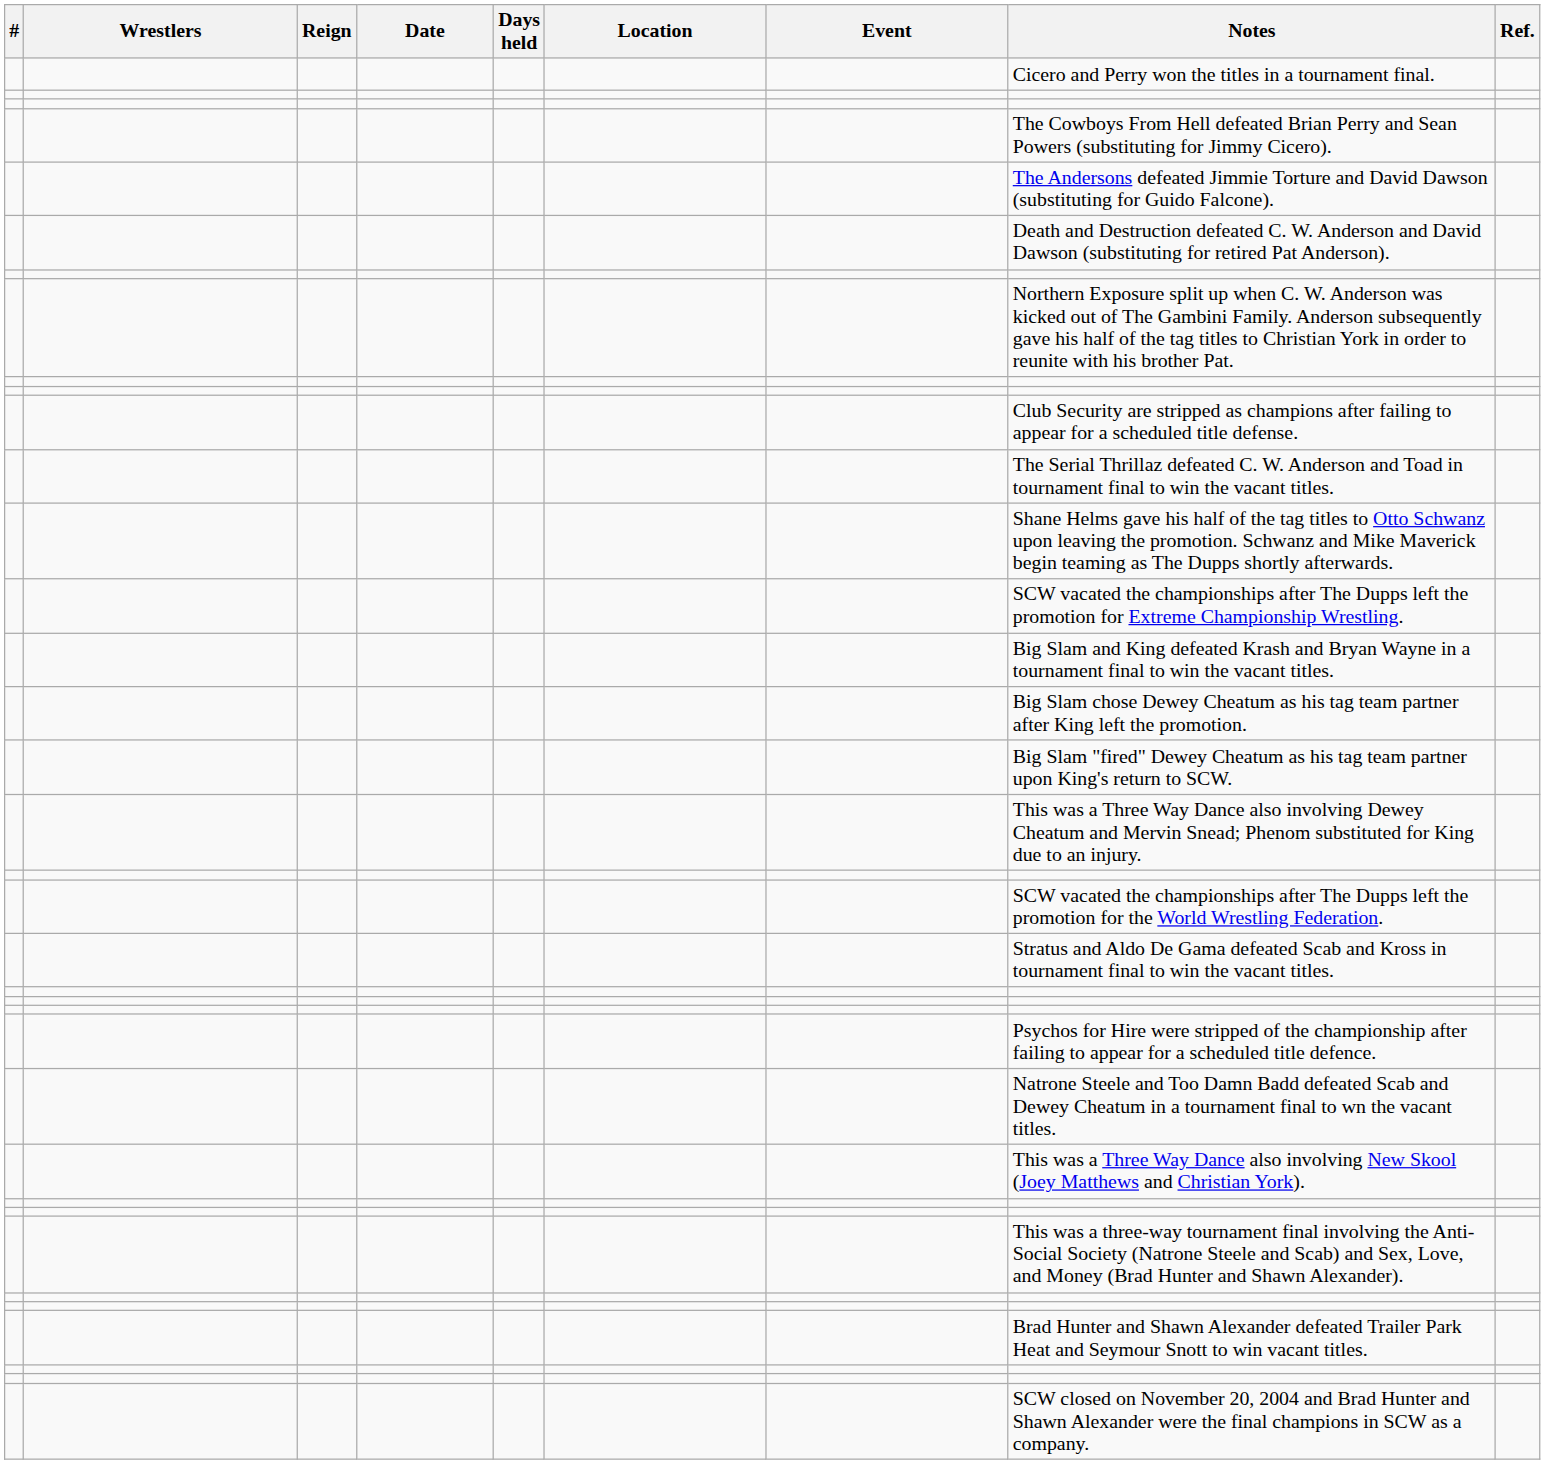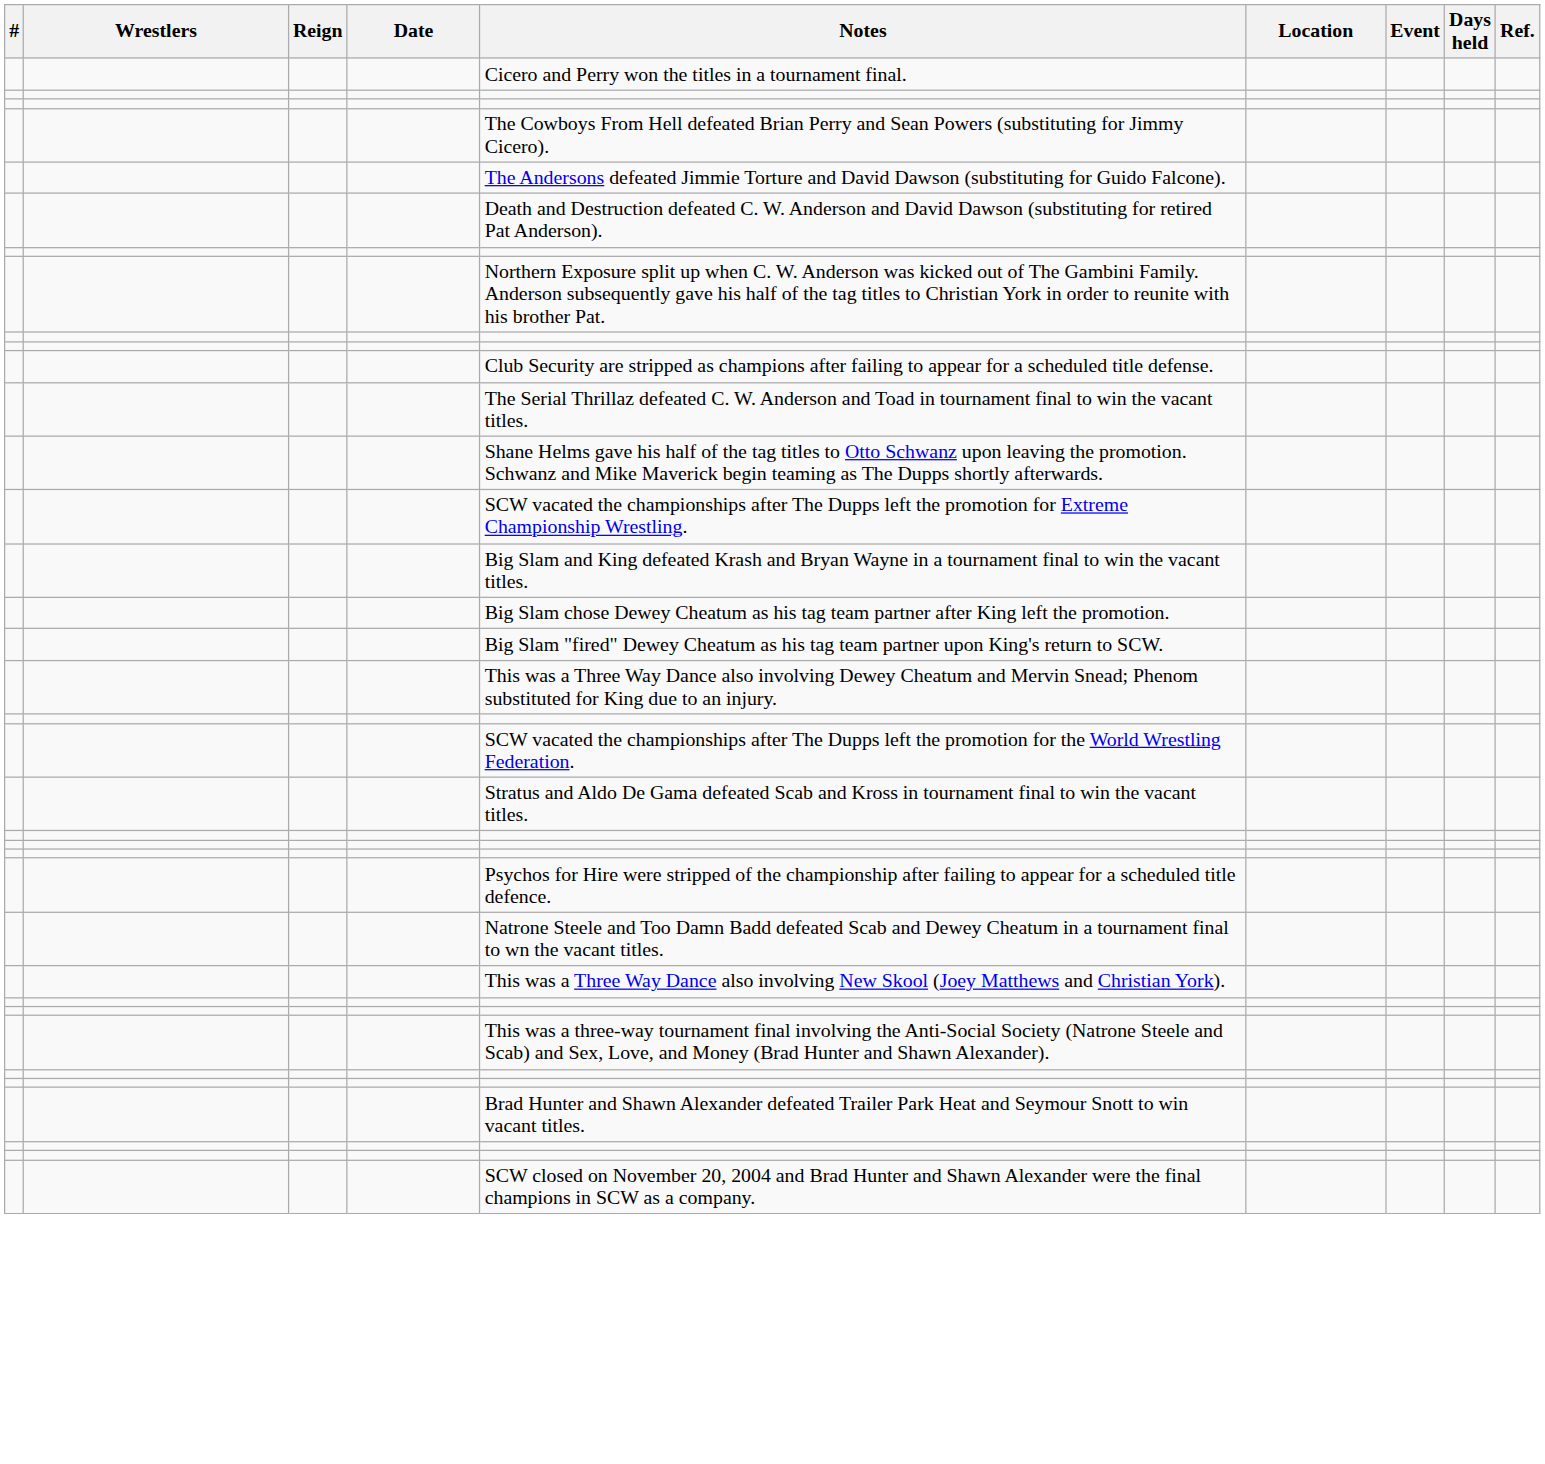 <table class="wikitable sortable" width=98% style="text-align:center;">
 <tr>
 <th width=0%>#</th>
 <th width=20%>Wrestlers</th>
 <th width=0%>Reign</th>
 <th width=10%>Date</th>
-<th width=0%>Days<br>held</th>
+<th width=60% class="unsortable">Notes</th>
 <th width=16%>Location</th>
 <th width=18%>Event</th>
-<th width=60% class="unsortable">Notes</th>
+<th width=0%>Days<br>held</th>
 <th width=0% class="unsortable">Ref.</th>
 </tr>
 <tr>
 <td></td>
 <td></td>
 <td></td>
 <td></td>
+<td align="left">Cicero and Perry won the titles in a tournament final.</td>
 <td></td>
 <td></td>
 <td></td>
-<td align="left">Cicero and Perry won the titles in a tournament final.</td>
 <td align="left"></td>
 </tr>
 <tr>
 <td></td>
 <td></td>
 <td></td>
 <td></td>
+<td align="left"></td>
 <td></td>
 <td></td>
 <td></td>
-<td align="left"></td>
 <td align="left"></td>
 </tr>
 <tr>
 <td></td>
 <td></td>
 <td></td>
 <td></td>
+<td align="left"></td>
 <td></td>
 <td></td>
 <td></td>
-<td align="left"></td>
 <td align="left"></td>
 </tr>
 <tr>
 <td></td>
 <td></td>
 <td></td>
 <td></td>
+<td align="left">The Cowboys From Hell defeated Brian Perry and Sean Powers (substituting for Jimmy Cicero).</td>
 <td></td>
 <td></td>
 <td></td>
-<td align="left">The Cowboys From Hell defeated Brian Perry and Sean Powers (substituting for Jimmy Cicero).</td>
 <td align="left"></td>
 </tr>
 <tr>
 <td></td>
 <td></td>
 <td></td>
 <td></td>
+<td align="left"><a href='#'>The Andersons</a> defeated Jimmie Torture and David Dawson (substituting for Guido Falcone).</td>
 <td></td>
 <td></td>
 <td></td>
-<td align="left"><a href='#'>The Andersons</a> defeated Jimmie Torture and David Dawson (substituting for Guido Falcone).</td>
 <td align="left"></td>
 </tr>
 <tr>
 <td></td>
 <td></td>
 <td></td>
 <td></td>
+<td align="left">Death and Destruction defeated C. W. Anderson and David Dawson (substituting for retired Pat Anderson).</td>
 <td></td>
 <td></td>
 <td></td>
-<td align="left">Death and Destruction defeated C. W. Anderson and David Dawson (substituting for retired Pat Anderson).</td>
 <td align="left"></td>
 </tr>
 <tr>
 <td></td>
 <td></td>
 <td></td>
 <td></td>
+<td align="left"></td>
 <td></td>
 <td></td>
 <td></td>
-<td align="left"></td>
 <td align="left"></td>
 </tr>
 <tr>
 <td></td>
 <td></td>
 <td></td>
 <td></td>
+<td align="left">Northern Exposure split up when C. W. Anderson was kicked out of The Gambini Family. Anderson subsequently gave his half of the tag titles to Christian York in order to reunite with his brother Pat.</td>
 <td></td>
 <td></td>
 <td></td>
-<td align="left">Northern Exposure split up when C. W. Anderson was kicked out of The Gambini Family. Anderson subsequently gave his half of the tag titles to Christian York in order to reunite with his brother Pat.</td>
 <td align="left"></td>
 </tr>
 <tr>
 <td></td>
 <td></td>
 <td></td>
 <td></td>
+<td align="left"></td>
 <td></td>
 <td></td>
 <td></td>
-<td align="left"></td>
 <td align="left"></td>
 </tr>
 <tr>
 <td></td>
 <td></td>
 <td></td>
 <td></td>
+<td align="left"></td>
 <td></td>
 <td></td>
 <td></td>
-<td align="left"></td>
 <td align="left"></td>
 </tr>
 <tr>
 <td></td>
 <td></td>
 <td></td>
 <td></td>
+<td align="left">Club Security are stripped as champions after failing to appear for a scheduled title defense.</td>
 <td></td>
 <td></td>
 <td></td>
-<td align="left">Club Security are stripped as champions after failing to appear for a scheduled title defense.</td>
 <td align="left"></td>
 </tr>
 <tr>
 <td></td>
 <td></td>
 <td></td>
 <td></td>
+<td align="left">The Serial Thrillaz defeated C. W. Anderson and Toad in tournament final to win the vacant titles.</td>
 <td></td>
 <td></td>
 <td></td>
-<td align="left">The Serial Thrillaz defeated C. W. Anderson and Toad in tournament final to win the vacant titles.</td>
 <td align="left"></td>
 </tr>
 <tr>
 <td></td>
 <td></td>
 <td></td>
 <td></td>
+<td align="left">Shane Helms gave his half of the tag titles to <a href='#'>Otto Schwanz</a> upon leaving the promotion. Schwanz and Mike Maverick begin teaming as The Dupps shortly afterwards.</td>
 <td></td>
 <td></td>
 <td></td>
-<td align="left">Shane Helms gave his half of the tag titles to <a href='#'>Otto Schwanz</a> upon leaving the promotion. Schwanz and Mike Maverick begin teaming as The Dupps shortly afterwards.</td>
 <td align="left"></td>
 </tr>
 <tr>
 <td></td>
 <td></td>
 <td></td>
 <td></td>
+<td align="left">SCW vacated the championships after The Dupps left the promotion for <a href='#'>Extreme Championship Wrestling</a>.</td>
 <td></td>
 <td></td>
 <td></td>
-<td align="left">SCW vacated the championships after The Dupps left the promotion for <a href='#'>Extreme Championship Wrestling</a>.</td>
 <td align="left"></td>
 </tr>
 <tr>
 <td></td>
 <td></td>
 <td></td>
 <td></td>
+<td align="left">Big Slam and King defeated Krash and Bryan Wayne in a tournament final to win the vacant titles.</td>
 <td></td>
 <td></td>
 <td></td>
-<td align="left">Big Slam and King defeated Krash and Bryan Wayne in a tournament final to win the vacant titles.</td>
 <td align="left"></td>
 </tr>
 <tr>
 <td></td>
 <td></td>
 <td></td>
 <td></td>
+<td align="left">Big Slam chose Dewey Cheatum as his tag team partner after King left the promotion.</td>
 <td></td>
 <td></td>
 <td></td>
-<td align="left">Big Slam chose Dewey Cheatum as his tag team partner after King left the promotion.</td>
 <td align="left"></td>
 </tr>
 <tr>
 <td></td>
 <td></td>
 <td></td>
 <td></td>
+<td align="left">Big Slam "fired" Dewey Cheatum as his tag team partner upon King's return to SCW.</td>
 <td></td>
 <td></td>
 <td></td>
-<td align="left">Big Slam "fired" Dewey Cheatum as his tag team partner upon King's return to SCW.</td>
 <td align="left"></td>
 </tr>
 <tr>
 <td></td>
 <td></td>
 <td></td>
 <td></td>
+<td align="left">This was a Three Way Dance also involving Dewey Cheatum and Mervin Snead; Phenom substituted for King due to an injury.</td>
 <td></td>
 <td></td>
 <td></td>
-<td align="left">This was a Three Way Dance also involving Dewey Cheatum and Mervin Snead; Phenom substituted for King due to an injury.</td>
 <td align="left"></td>
 </tr>
 <tr>
 <td></td>
 <td></td>
 <td></td>
 <td></td>
+<td align="left"></td>
 <td></td>
 <td></td>
 <td></td>
-<td align="left"></td>
 <td align="left"></td>
 </tr>
 <tr>
 <td></td>
 <td></td>
 <td></td>
 <td></td>
+<td align="left">SCW vacated the championships after The Dupps left the promotion for the <a href='#'>World Wrestling Federation</a>.</td>
 <td></td>
 <td></td>
 <td></td>
-<td align="left">SCW vacated the championships after The Dupps left the promotion for the <a href='#'>World Wrestling Federation</a>.</td>
 <td align="left"></td>
 </tr>
 <tr>
 <td></td>
 <td></td>
 <td></td>
 <td></td>
+<td align="left">Stratus and Aldo De Gama defeated Scab and Kross in tournament final to win the vacant titles.</td>
 <td></td>
 <td></td>
 <td></td>
-<td align="left">Stratus and Aldo De Gama defeated Scab and Kross in tournament final to win the vacant titles.</td>
 <td align="left"></td>
 </tr>
 <tr>
 <td></td>
 <td></td>
 <td></td>
 <td></td>
+<td align="left"></td>
 <td></td>
 <td></td>
 <td></td>
-<td align="left"></td>
 <td align="left"></td>
 </tr>
 <tr>
 <td></td>
 <td></td>
 <td></td>
 <td></td>
+<td align="left"></td>
 <td></td>
 <td></td>
 <td></td>
-<td align="left"></td>
 <td align="left"></td>
 </tr>
 <tr>
 <td></td>
 <td></td>
 <td></td>
 <td></td>
+<td align="left"></td>
 <td></td>
 <td></td>
 <td></td>
-<td align="left"></td>
 <td align="left"></td>
 </tr>
 <tr>
 <td></td>
 <td></td>
 <td></td>
 <td></td>
+<td align="left">Psychos for Hire were stripped of the championship after failing to appear for a scheduled title defence.</td>
 <td></td>
 <td></td>
 <td></td>
-<td align="left">Psychos for Hire were stripped of the championship after failing to appear for a scheduled title defence.</td>
 <td align="left"></td>
 </tr>
 <tr>
 <td></td>
 <td></td>
 <td></td>
 <td></td>
+<td align="left">Natrone Steele and Too Damn Badd defeated Scab and Dewey Cheatum in a tournament final to wn the vacant titles.</td>
 <td></td>
 <td></td>
 <td></td>
-<td align="left">Natrone Steele and Too Damn Badd defeated Scab and Dewey Cheatum in a tournament final to wn the vacant titles.</td>
 <td align="left"></td>
 </tr>
 <tr>
 <td></td>
 <td></td>
 <td></td>
 <td></td>
+<td align="left">This was a <a href='#'>Three Way Dance</a> also involving <a href='#'>New Skool</a> (<a href='#'>Joey Matthews</a> and <a href='#'>Christian York</a>).</td>
 <td></td>
 <td></td>
 <td></td>
-<td align="left">This was a <a href='#'>Three Way Dance</a> also involving <a href='#'>New Skool</a> (<a href='#'>Joey Matthews</a> and <a href='#'>Christian York</a>).</td>
 <td align="left"></td>
 </tr>
 <tr>
 <td></td>
 <td></td>
 <td></td>
 <td></td>
+<td align="left"></td>
 <td></td>
 <td></td>
 <td></td>
-<td align="left"></td>
 <td align="left"></td>
 </tr>
 <tr>
 <td></td>
 <td></td>
 <td></td>
 <td></td>
+<td align="left"></td>
 <td></td>
 <td></td>
 <td></td>
-<td align="left"></td>
 <td align="left"></td>
 </tr>
 <tr>
 <td></td>
 <td></td>
 <td></td>
 <td></td>
+<td align="left">This was a three-way tournament final involving the Anti-Social Society (Natrone Steele and Scab) and Sex, Love, and Money (Brad Hunter and Shawn Alexander).</td>
 <td></td>
 <td></td>
 <td></td>
-<td align="left">This was a three-way tournament final involving the Anti-Social Society (Natrone Steele and Scab) and Sex, Love, and Money (Brad Hunter and Shawn Alexander).</td>
 <td align="left"></td>
 </tr>
 <tr>
 <td></td>
 <td></td>
 <td></td>
 <td></td>
+<td align="left"></td>
 <td></td>
 <td></td>
 <td></td>
-<td align="left"></td>
 <td align="left"></td>
 </tr>
 <tr>
 <td></td>
 <td></td>
 <td></td>
 <td></td>
+<td align="left"></td>
 <td></td>
 <td></td>
 <td></td>
-<td align="left"></td>
 <td align="left"></td>
 </tr>
 <tr>
 <td></td>
 <td></td>
 <td></td>
 <td></td>
+<td align="left">Brad Hunter and Shawn Alexander defeated Trailer Park Heat and Seymour Snott to win vacant titles.</td>
 <td></td>
 <td></td>
 <td></td>
-<td align="left">Brad Hunter and Shawn Alexander defeated Trailer Park Heat and Seymour Snott to win vacant titles.</td>
 <td align="left"></td>
 </tr>
 <tr>
 <td></td>
 <td></td>
 <td></td>
 <td></td>
+<td align="left"></td>
 <td></td>
 <td></td>
 <td></td>
-<td align="left"></td>
 <td align="left"></td>
 </tr>
 <tr>
 <td></td>
 <td></td>
 <td></td>
 <td></td>
+<td align="left"></td>
 <td></td>
 <td></td>
 <td></td>
-<td align="left"></td>
 <td align="left"></td>
 </tr>
 <tr>
 <td></td>
 <td></td>
 <td></td>
 <td></td>
+<td align="left">SCW closed on November 20, 2004 and Brad Hunter and Shawn Alexander were the final champions in SCW as a company.</td>
 <td></td>
 <td></td>
 <td></td>
-<td align="left">SCW closed on November 20, 2004 and Brad Hunter and Shawn Alexander were the final champions in SCW as a company.</td>
 <td align="left"></td>
 </tr>
 </table>
